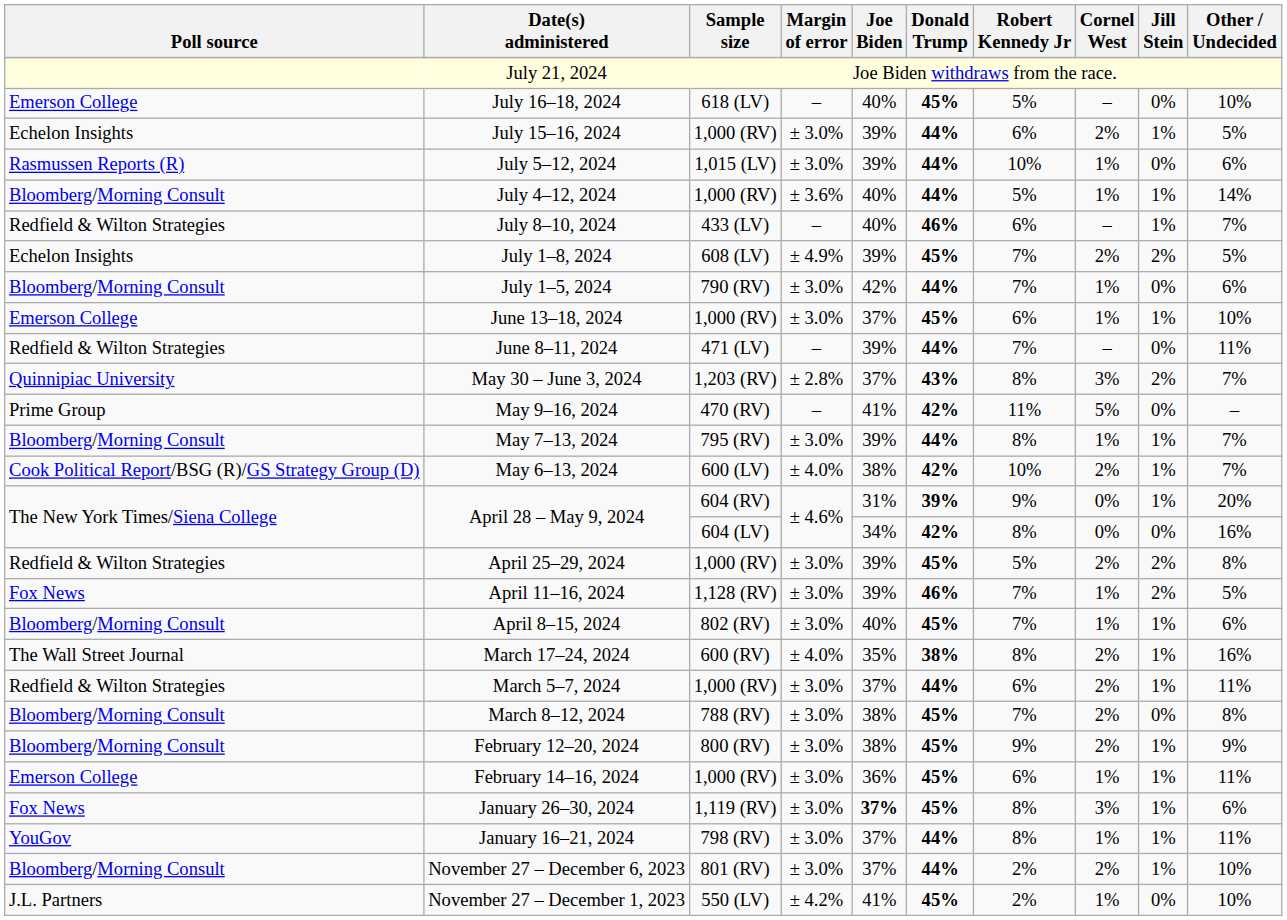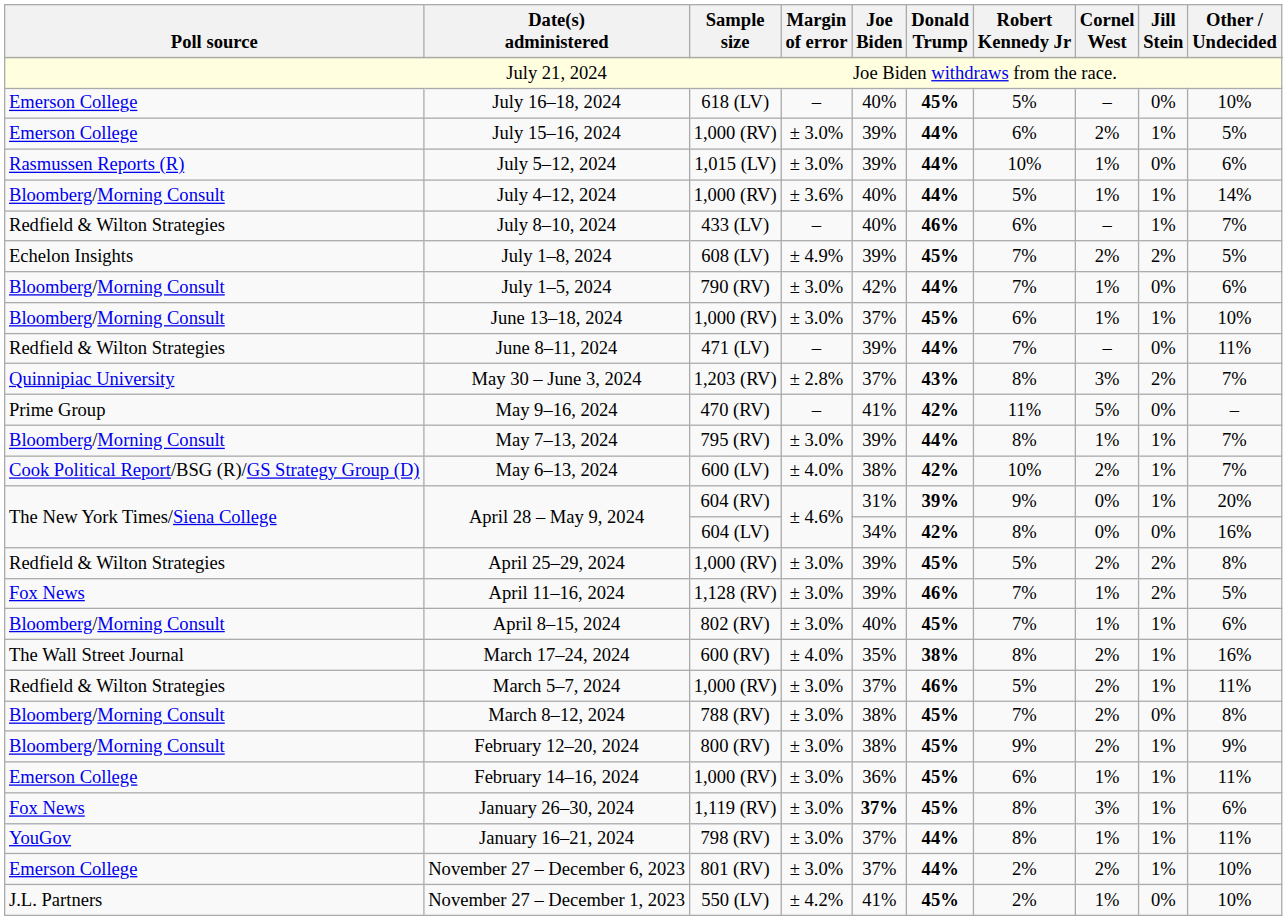 <table class="wikitable sortable mw-datatable" style="font-size:90%;text-align:center;line-height:17px">
 <tr valign=bottom>
 <th>Poll source</th>
 <th>Date(s)<br>administered</th>
 <th>Sample<br>size</th>
 <th>Margin<br>of error</th>
 <th class="unsortable">Joe<br>Biden<br></th>
 <th class="unsortable">Donald<br>Trump<br></th>
 <th class="unsortable">Robert<br>Kennedy Jr<br></th>
 <th class="unsortable">Cornel<br>West<br></th>
 <th class="unsortable">Jill<br>Stein<br></th>
 <th class="unsortable">Other /<br>Undecided</th>
 </tr>
 <tr>
 </tr>
 <tr style="background:lightyellow;">
 <td style="border-right-style:hidden;"></td>
 <td style="border-right-style:hidden; " data-sort-value="2024-07-21">July 21, 2024</td>
 <td colspan="9">Joe Biden <a href='#'>withdraws</a> from the race.</td>
 </tr>
 <tr>
 <td style="text-align:left;"><a href='#'>Emerson College</a></td>
 <td data-sort-value="2024-07-18">July 16–18, 2024</td>
 <td>618 (LV)</td>
 <td>–</td>
 <td>40%</td>
 <td style="background-color:"><strong>45%</strong></td>
 <td>5%</td>
 <td>–</td>
 <td>0%</td>
 <td>10%</td>
 </tr>
 <tr>
-<td style="text-align:left;">Echelon Insights</td>
+<td style="text-align:left;"><a href='#'>Emerson College</a></td>
 <td data-sort-value="2024-07-18">July 15–16, 2024</td>
 <td>1,000 (RV)</td>
 <td>± 3.0%</td>
 <td>39%</td>
 <td style="background-color:"><strong>44%</strong></td>
 <td>6%</td>
 <td>2%</td>
 <td>1%</td>
 <td>5%</td>
 </tr>
 <tr>
 <td style="text-align:left;"><a href='#'>Rasmussen Reports (R)</a></td>
 <td data-sort-value="2024-07-19">July 5–12, 2024</td>
 <td>1,015 (LV)</td>
 <td>± 3.0%</td>
 <td>39%</td>
 <td style="background-color:"><strong>44%</strong></td>
 <td>10%</td>
 <td>1%</td>
 <td>0%</td>
 <td>6%</td>
 </tr>
 <tr>
 <td style="text-align:left;"><a href='#'>Bloomberg</a>/<a href='#'>Morning Consult</a></td>
 <td data-sort-value="2024-07-15">July 4–12, 2024</td>
 <td>1,000 (RV)</td>
 <td>± 3.6%</td>
 <td>40%</td>
 <td style="background-color:"><strong>44%</strong></td>
 <td>5%</td>
 <td>1%</td>
 <td>1%</td>
 <td>14%</td>
 </tr>
 <tr>
 <td style="text-align:left;">Redfield & Wilton Strategies</td>
 <td data-sort-value="2024-07-10">July 8–10, 2024</td>
 <td>433 (LV)</td>
 <td>–</td>
 <td>40%</td>
 <td style="background-color:"><strong>46%</strong></td>
 <td>6%</td>
 <td>–</td>
 <td>1%</td>
 <td>7%</td>
 </tr>
 <tr>
 <td style="text-align:left;">Echelon Insights</td>
 <td data-sort-value="2024-07-08">July 1–8, 2024</td>
 <td>608 (LV)</td>
 <td>± 4.9%</td>
 <td>39%</td>
 <td style="background-color:"><strong>45%</strong></td>
 <td>7%</td>
 <td>2%</td>
 <td>2%</td>
 <td>5%</td>
 </tr>
 <tr>
 <td style="text-align:left;"><a href='#'>Bloomberg</a>/<a href='#'>Morning Consult</a></td>
 <td data-sort-value="2024-07-06">July 1–5, 2024</td>
 <td>790 (RV)</td>
 <td>± 3.0%</td>
 <td>42%</td>
 <td style="background-color:"><strong>44%</strong></td>
 <td>7%</td>
 <td>1%</td>
 <td>0%</td>
 <td>6%</td>
 </tr>
 <tr>
-<td style="text-align:left;"><a href='#'>Emerson College</a></td>
+<td style="text-align:left;"><a href='#'>Bloomberg</a>/<a href='#'>Morning Consult</a></td>
 <td data-sort-value="2024-06-20">June 13–18, 2024</td>
 <td>1,000 (RV)</td>
 <td>± 3.0%</td>
 <td>37%</td>
 <td style="background-color:"><strong>45%</strong></td>
 <td>6%</td>
 <td>1%</td>
 <td>1%</td>
 <td>10%</td>
 </tr>
 <tr>
 <td style="text-align:left;">Redfield & Wilton Strategies</td>
 <td data-sort-value="2024-07-10">June 8–11, 2024</td>
 <td>471 (LV)</td>
 <td>–</td>
 <td>39%</td>
 <td style="background-color:"><strong>44%</strong></td>
 <td>7%</td>
 <td>–</td>
 <td>0%</td>
 <td>11%</td>
 </tr>
 <tr>
 <td style="text-align:left;"><a href='#'>Quinnipiac University</a></td>
 <td data-sort-value="2024-06-05">May 30 – June 3, 2024</td>
 <td>1,203 (RV)</td>
 <td>± 2.8%</td>
 <td>37%</td>
 <td style="background-color:"><strong>43%</strong></td>
 <td>8%</td>
 <td>3%</td>
 <td>2%</td>
 <td>7%</td>
 </tr>
 <tr>
 <td style="text-align:left;">Prime Group</td>
 <td data-sort-value="2024-05-22">May 9–16, 2024</td>
 <td>470 (RV)</td>
 <td>–</td>
 <td>41%</td>
 <td style="background-color:"><strong>42%</strong></td>
 <td>11%</td>
 <td>5%</td>
 <td>0%</td>
 <td>–</td>
 </tr>
 <tr>
 <td style="text-align:left;"><a href='#'>Bloomberg</a>/<a href='#'>Morning Consult</a></td>
 <td data-sort-value="2024-05-22">May 7–13, 2024</td>
 <td>795 (RV)</td>
 <td>± 3.0%</td>
 <td>39%</td>
 <td style="background-color:"><strong>44%</strong></td>
 <td>8%</td>
 <td>1%</td>
 <td>1%</td>
 <td>7%</td>
 </tr>
 <tr>
 <td style="text-align:left;"><a href='#'>Cook Political Report</a>/BSG (R)/<a href='#'>GS Strategy Group (D)</a></td>
 <td data-sort-value="2024-05-23">May 6–13, 2024</td>
 <td>600 (LV)</td>
 <td>± 4.0%</td>
 <td>38%</td>
 <td style="background-color:"><strong>42%</strong></td>
 <td>10%</td>
 <td>2%</td>
 <td>1%</td>
 <td>7%</td>
 </tr>
 <tr>
 <td style="text-align:left;" rowspan="2">The New York Times/<a href='#'>Siena College</a></td>
 <td rowspan="2">April 28 – May 9, 2024</td>
 <td>604 (RV)</td>
 <td rowspan="2">± 4.6%</td>
 <td>31%</td>
 <td style="background-color:"><strong>39%</strong></td>
 <td>9%</td>
 <td>0%</td>
 <td>1%</td>
 <td>20%</td>
 </tr>
 <tr>
 <td>604 (LV)</td>
 <td>34%</td>
 <td style="background-color:"><strong>42%</strong></td>
 <td>8%</td>
 <td>0%</td>
 <td>0%</td>
 <td>16%</td>
 </tr>
 <tr>
 <td style="text-align:left;">Redfield & Wilton Strategies</td>
 <td data-sort-value="2024-04-30">April 25–29, 2024</td>
 <td>1,000 (RV)</td>
 <td>± 3.0%</td>
 <td>39%</td>
 <td style="background-color:"><strong>45%</strong></td>
 <td>5%</td>
 <td>2%</td>
 <td>2%</td>
 <td>8%</td>
 </tr>
 <tr>
 <td style="text-align:left;"><a href='#'>Fox News</a></td>
 <td data-sort-value="2024-04-18">April 11–16, 2024</td>
 <td>1,128 (RV)</td>
 <td>± 3.0%</td>
 <td>39%</td>
 <td style="background-color:"><strong>46%</strong></td>
 <td>7%</td>
 <td>1%</td>
 <td>2%</td>
 <td>5%</td>
 </tr>
 <tr>
 <td style="text-align:left;"><a href='#'>Bloomberg</a>/<a href='#'>Morning Consult</a></td>
 <td data-sort-value="2024-04-24">April 8–15, 2024</td>
 <td>802 (RV)</td>
 <td>± 3.0%</td>
 <td>40%</td>
 <td style="background-color:"><strong>45%</strong></td>
 <td>7%</td>
 <td>1%</td>
 <td>1%</td>
 <td>6%</td>
 </tr>
 <tr>
 <td style="text-align:left;">The Wall Street Journal</td>
 <td data-sort-value="2024-04-02">March 17–24, 2024</td>
 <td>600 (RV)</td>
 <td>± 4.0%</td>
 <td>35%</td>
 <td style="background-color:"><strong>38%</strong></td>
 <td>8%</td>
 <td>2%</td>
 <td>1%</td>
 <td>16%</td>
 </tr>
 <tr>
 <td style="text-align:left;">Redfield & Wilton Strategies</td>
 <td data-sort-value="2024-03-12">March 5–7, 2024</td>
 <td>1,000 (RV)</td>
 <td>± 3.0%</td>
 <td>37%</td>
-<td style="background-color:"><strong>44%</strong></td>
-<td>6%</td>
+<td style="background-color:"><strong>46%</strong></td>
+<td>5%</td>
 <td>2%</td>
 <td>1%</td>
 <td>11%</td>
 </tr>
 <tr>
 <td style="text-align:left;"><a href='#'>Bloomberg</a>/<a href='#'>Morning Consult</a></td>
 <td data-sort-value="2024-03-26">March 8–12, 2024</td>
 <td>788 (RV)</td>
 <td>± 3.0%</td>
 <td>38%</td>
 <td style="background-color:"><strong>45%</strong></td>
 <td>7%</td>
 <td>2%</td>
 <td>0%</td>
 <td>8%</td>
 </tr>
 <tr>
 <td style="text-align:left;"><a href='#'>Bloomberg</a>/<a href='#'>Morning Consult</a></td>
 <td data-sort-value="2024-02-29">February 12–20, 2024</td>
 <td>800 (RV)</td>
 <td>± 3.0%</td>
 <td>38%</td>
 <td style="background-color:"><strong>45%</strong></td>
 <td>9%</td>
 <td>2%</td>
 <td>1%</td>
 <td>9%</td>
 </tr>
 <tr>
 <td style="text-align:left;"><a href='#'>Emerson College</a></td>
 <td data-sort-value="2024-02-21">February 14–16, 2024</td>
 <td>1,000 (RV)</td>
 <td>± 3.0%</td>
 <td>36%</td>
 <td style="background-color:"><strong>45%</strong></td>
 <td>6%</td>
 <td>1%</td>
 <td>1%</td>
 <td>11%</td>
 </tr>
 <tr>
 <td style="text-align:left;"><a href='#'>Fox News</a></td>
 <td data-sort-value="2024-01-31">January 26–30, 2024</td>
 <td>1,119 (RV)</td>
 <td>± 3.0%</td>
 <td><strong>37%</strong></td>
 <td style="background-color:"><strong>45%</strong></td>
 <td>8%</td>
 <td>3%</td>
 <td>1%</td>
 <td>6%</td>
 </tr>
 <tr>
 <td style="text-align:left;"><a href='#'>YouGov</a></td>
 <td data-sort-value="2024-01-31">January 16–21, 2024</td>
 <td>798 (RV)</td>
 <td>± 3.0%</td>
 <td>37%</td>
 <td style="background-color:"><strong>44%</strong></td>
 <td>8%</td>
 <td>1%</td>
 <td>1%</td>
 <td>11%</td>
 </tr>
 <tr>
-<td style="text-align:left;"><a href='#'>Bloomberg</a>/<a href='#'>Morning Consult</a></td>
+<td style="text-align:left;"><a href='#'>Emerson College</a></td>
 <td data-sort-value="2023-12-14">November 27 – December 6, 2023</td>
 <td>801 (RV)</td>
 <td>± 3.0%</td>
 <td>37%</td>
 <td style="background-color:"><strong>44%</strong></td>
 <td>2%</td>
 <td>2%</td>
 <td>1%</td>
 <td>10%</td>
 </tr>
 <tr>
 <td style="text-align:left;">J.L. Partners</td>
 <td data-sort-value="2023-12-01">November 27 – December 1, 2023</td>
 <td>550 (LV)</td>
 <td>± 4.2%</td>
 <td>41%</td>
 <td style="background-color:"><strong>45%</strong></td>
 <td>2%</td>
 <td>1%</td>
 <td>0%</td>
 <td>10%</td>
 </tr>
 </table>
